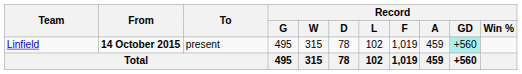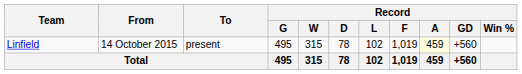 <table class="wikitable" style="text-align: center">
 <tr>
 <th rowspan=2 width=140>Team</th>
 <th rowspan=2 width=125>From</th>
 <th rowspan=2 width=125>To</th>
 <th colspan=8>Record</th>
 </tr>
 <tr>
 <th width=40>G</th>
 <th width=40>W</th>
 <th width=40>D</th>
 <th width=40>L</th>
 <th width=40>F</th>
 <th width=40>A</th>
 <th width=40>GD</th>
 <th width=50>Win %</th>
 </tr>
 <tr>
 <td align="left"><a href='#'>Linfield</a></td>
-<td align=left><strong>14 October 2015</strong></td>
+<td align=left>14 October 2015</td>
 <td align=left>present</td>
 <td>495</td>
 <td>315</td>
 <td>78</td>
 <td>102</td>
 <td>1,019</td>
-<td>459</td>
-<td style="background: paleturquoise;">+560</td>
+<td style="background: lightyellow;">459</td>
+<td>+560</td>
 <td></td>
 </tr>
 <tr>
 <th align="center" colspan="3">Total</th>
 <th>495</th>
 <th>315</th>
 <th>78</th>
 <th>102</th>
 <th>1,019</th>
 <th>459</th>
 <th>+560</th>
 <th></th>
 </tr>
 </table>
